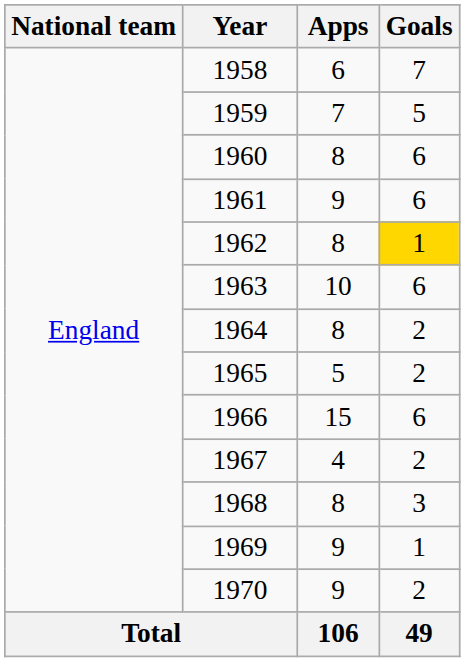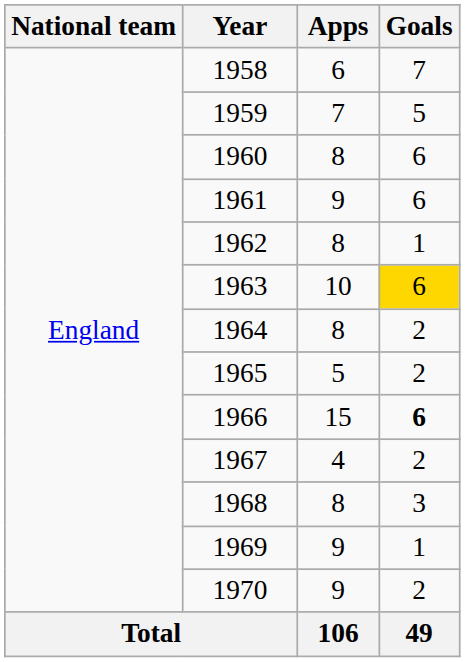 <table class="wikitable" style="text-align:center">
 <tr>
 <th>National team</th>
 <th width="60">Year</th>
 <th width="40">Apps</th>
 <th width="40">Goals</th>
 </tr>
 <tr>
 <td rowspan="13"><a href='#'>England</a></td>
 <td>1958</td>
 <td>6</td>
 <td>7</td>
 </tr>
 <tr>
 <td>1959</td>
 <td>7</td>
 <td>5</td>
 </tr>
 <tr>
 <td>1960</td>
 <td>8</td>
 <td>6</td>
 </tr>
 <tr>
 <td>1961</td>
 <td>9</td>
 <td>6</td>
 </tr>
 <tr>
 <td>1962</td>
 <td>8</td>
-<td style="background: gold;">1</td>
+<td>1</td>
 </tr>
 <tr>
 <td>1963</td>
 <td>10</td>
-<td>6</td>
+<td style="background: gold;">6</td>
 </tr>
 <tr>
 <td>1964</td>
 <td>8</td>
 <td>2</td>
 </tr>
 <tr>
 <td>1965</td>
 <td>5</td>
 <td>2</td>
 </tr>
 <tr>
 <td>1966</td>
 <td>15</td>
-<td>6</td>
+<td><strong>6</strong></td>
 </tr>
 <tr>
 <td>1967</td>
 <td>4</td>
 <td>2</td>
 </tr>
 <tr>
 <td>1968</td>
 <td>8</td>
 <td>3</td>
 </tr>
 <tr>
 <td>1969</td>
 <td>9</td>
 <td>1</td>
 </tr>
 <tr>
 <td>1970</td>
 <td>9</td>
 <td>2</td>
 </tr>
 <tr>
 <th colspan="2">Total</th>
 <th>106</th>
 <th>49</th>
 </tr>
 </table>
